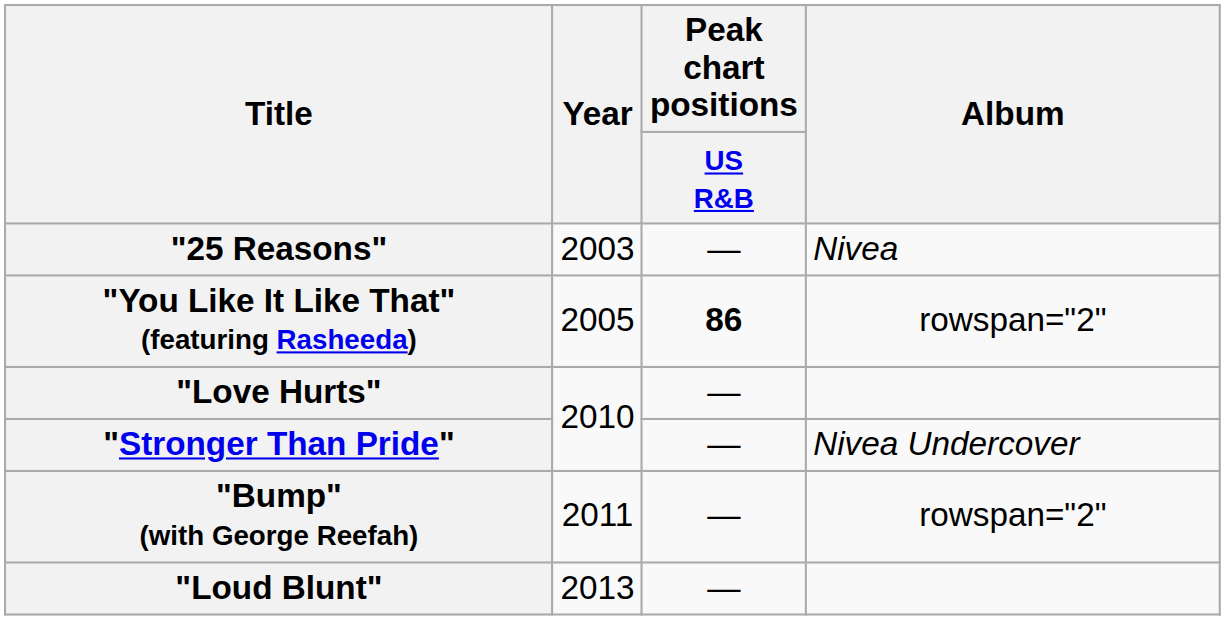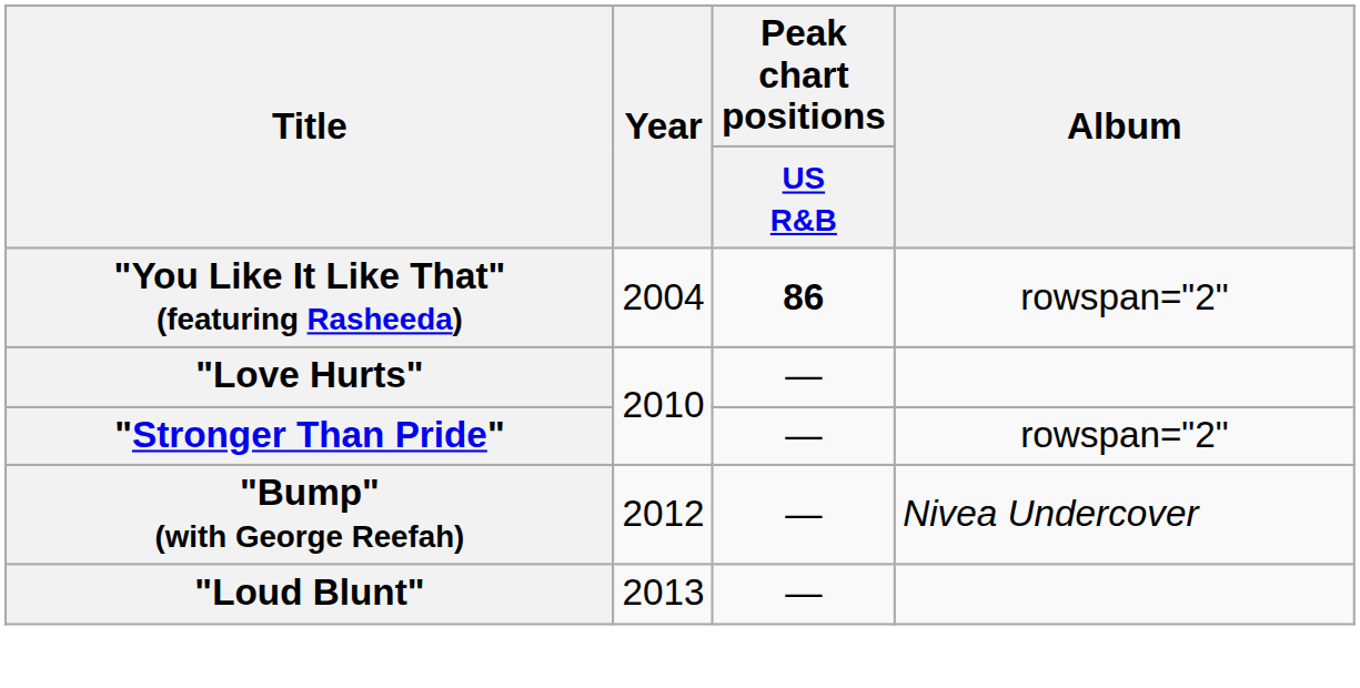 <table class="wikitable plainrowheaders" style="text-align:center;" border="1">
 <tr>
 <th scope="col" rowspan="2" style="width:16em;">Title</th>
 <th scope="col" rowspan="2">Year</th>
 <th scope="col" colspan="1">Peak chart positions</th>
 <th scope="col" rowspan="2" style="width:12em;">Album</th>
 </tr>
 <tr>
 <th style="width:35px;"><small><a href='#'>US<br>R&B</a></small><br></th>
 </tr>
 <tr>
-<th scope="row">"25 Reasons"</th>
-<td style="text-align:center;">2003</td>
-<td style="text-align:center;">—</td>
-<td align="left"><em>Nivea</em></td>
-</tr>
-<tr>
 <th scope="row">"You Like It Like That" <br><small>(featuring <a href='#'>Rasheeda</a>)</small></th>
-<td style="text-align:center;">2005</td>
+<td style="text-align:center;">2004</td>
 <td style="text-align:center;"><strong>86</strong></td>
 <td>rowspan="2" </td>
 </tr>
 <tr>
 <th scope="row">"Love Hurts"</th>
 <td style="text-align:center;" rowspan="2">2010</td>
 <td style="text-align:center;">—</td>
 </tr>
 <tr>
 <th scope="row">"<a href='#'>Stronger Than Pride</a>"</th>
 <td style="text-align:center;">—</td>
-<td align="left"><em>Nivea Undercover</em></td>
+<td>rowspan="2" </td>
 </tr>
 <tr>
 <th scope="row">"Bump" <br><small>(with George Reefah)</small></th>
-<td style="text-align:center;">2011</td>
+<td style="text-align:center;">2012</td>
 <td style="text-align:center;">—</td>
-<td>rowspan="2" </td>
+<td align="left"><em>Nivea Undercover</em></td>
 </tr>
 <tr>
 <th scope="row">"Loud Blunt"</th>
 <td style="text-align:center;">2013</td>
 <td style="text-align:center;">—</td>
 </tr>
 </table>
